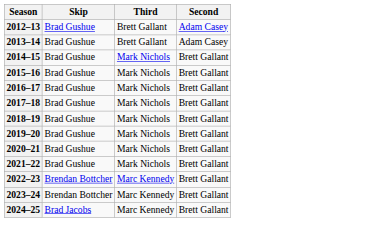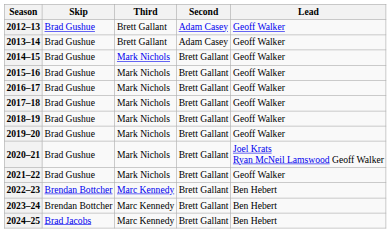 <table class="wikitable">
 <tr>
 <th scope="col">Season</th>
 <th scope="col">Skip</th>
 <th scope="col">Third</th>
 <th scope="col">Second</th>
+<th scope="col">Lead</th>
 </tr>
 <tr>
 <th scope="row">2012–13</th>
 <td><a href='#'>Brad Gushue</a></td>
 <td>Brett Gallant</td>
 <td><a href='#'>Adam Casey</a></td>
+<td><a href='#'>Geoff Walker</a></td>
 </tr>
 <tr>
 <th scope="row">2013–14</th>
 <td>Brad Gushue</td>
 <td>Brett Gallant</td>
 <td>Adam Casey</td>
+<td>Geoff Walker</td>
 </tr>
 <tr>
 <th scope="row">2014–15</th>
 <td>Brad Gushue</td>
 <td><a href='#'>Mark Nichols</a></td>
 <td>Brett Gallant</td>
+<td>Geoff Walker</td>
 </tr>
 <tr>
 <th scope="row">2015–16</th>
 <td>Brad Gushue</td>
 <td>Mark Nichols</td>
 <td>Brett Gallant</td>
+<td>Geoff Walker</td>
 </tr>
 <tr>
 <th scope="row">2016–17</th>
 <td>Brad Gushue</td>
 <td>Mark Nichols</td>
 <td>Brett Gallant</td>
+<td>Geoff Walker</td>
 </tr>
 <tr>
 <th scope="row">2017–18</th>
 <td>Brad Gushue</td>
 <td>Mark Nichols</td>
 <td>Brett Gallant</td>
+<td>Geoff Walker</td>
 </tr>
 <tr>
 <th scope="row">2018–19</th>
 <td>Brad Gushue</td>
 <td>Mark Nichols</td>
 <td>Brett Gallant</td>
+<td>Geoff Walker</td>
 </tr>
 <tr>
 <th scope="row">2019–20</th>
 <td>Brad Gushue</td>
 <td>Mark Nichols</td>
 <td>Brett Gallant</td>
+<td>Geoff Walker</td>
 </tr>
 <tr>
 <th scope="row">2020–21</th>
 <td>Brad Gushue</td>
 <td>Mark Nichols</td>
 <td>Brett Gallant</td>
+<td><a href='#'>Joel Krats</a><br><a href='#'>Ryan McNeil Lamswood</a>  Geoff Walker</td>
 </tr>
 <tr>
 <th scope="row">2021–22</th>
 <td>Brad Gushue</td>
 <td>Mark Nichols</td>
 <td>Brett Gallant</td>
+<td>Geoff Walker</td>
 </tr>
 <tr>
 <th scope="row">2022–23</th>
 <td><a href='#'>Brendan Bottcher</a></td>
 <td><a href='#'>Marc Kennedy</a></td>
 <td>Brett Gallant</td>
+<td>Ben Hebert</td>
 </tr>
 <tr>
 <th scope="row">2023–24</th>
 <td>Brendan Bottcher</td>
 <td>Marc Kennedy</td>
 <td>Brett Gallant</td>
+<td>Ben Hebert</td>
 </tr>
 <tr>
 <th scope="row">2024–25</th>
 <td><a href='#'>Brad Jacobs</a></td>
 <td>Marc Kennedy</td>
 <td>Brett Gallant</td>
+<td>Ben Hebert</td>
 </tr>
 </table>
